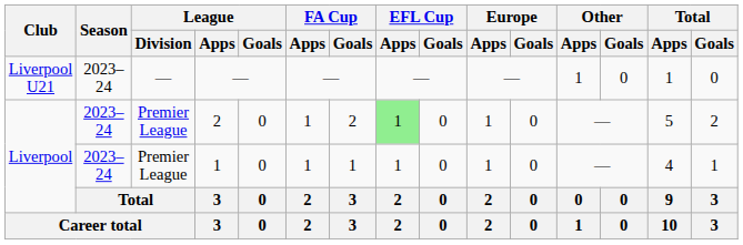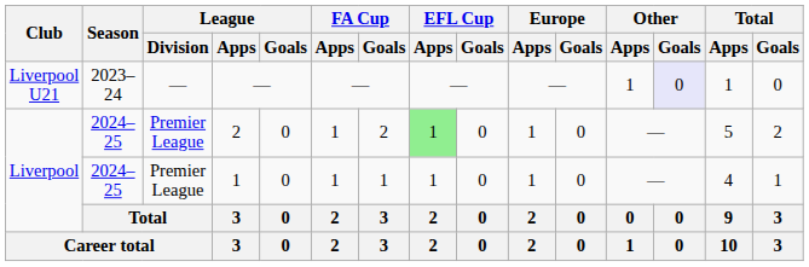 <table class="wikitable" style="text-align: center;">
 <tr>
 <th rowspan="2">Club</th>
 <th rowspan="2">Season</th>
 <th colspan="3">League</th>
 <th colspan="2"><a href='#'>FA Cup</a></th>
 <th colspan="2"><a href='#'>EFL Cup</a></th>
 <th colspan="2">Europe</th>
 <th colspan="2">Other</th>
 <th colspan="2">Total</th>
 </tr>
 <tr>
 <th>Division</th>
 <th>Apps</th>
 <th>Goals</th>
 <th>Apps</th>
 <th>Goals</th>
 <th>Apps</th>
 <th>Goals</th>
 <th>Apps</th>
 <th>Goals</th>
 <th>Apps</th>
 <th>Goals</th>
 <th>Apps</th>
 <th>Goals</th>
 </tr>
 <tr>
 <td><a href='#'>Liverpool U21</a></td>
 <td>2023–24</td>
 <td>—</td>
 <td colspan="2">—</td>
 <td colspan="2">—</td>
 <td colspan="2">—</td>
 <td colspan="2">—</td>
 <td>1</td>
-<td>0</td>
+<td style="background: lavender;">0</td>
 <td>1</td>
 <td>0</td>
 </tr>
 <tr>
 <td rowspan="3"><a href='#'>Liverpool</a></td>
-<td><a href='#'>2023–24</a></td>
+<td><a href='#'>2024–25</a></td>
 <td><a href='#'>Premier League</a></td>
 <td>2</td>
 <td>0</td>
 <td>1</td>
 <td>2</td>
 <td style="background: lightgreen;">1</td>
 <td>0</td>
 <td>1</td>
 <td>0</td>
 <td colspan="2">—</td>
 <td>5</td>
 <td>2</td>
 </tr>
 <tr>
-<td><a href='#'>2023–24</a></td>
+<td><a href='#'>2024–25</a></td>
 <td>Premier League</td>
 <td>1</td>
 <td>0</td>
 <td>1</td>
 <td>1</td>
 <td>1</td>
 <td>0</td>
 <td>1</td>
 <td>0</td>
 <td colspan="2">—</td>
 <td>4</td>
 <td>1</td>
 </tr>
 <tr>
 <th colspan="2">Total</th>
 <th>3</th>
 <th>0</th>
 <th>2</th>
 <th>3</th>
 <th>2</th>
 <th>0</th>
 <th>2</th>
 <th>0</th>
 <th>0</th>
 <th>0</th>
 <th>9</th>
 <th>3</th>
 </tr>
 <tr>
 <th colspan="3">Career total</th>
 <th>3</th>
 <th>0</th>
 <th>2</th>
 <th>3</th>
 <th>2</th>
 <th>0</th>
 <th>2</th>
 <th>0</th>
 <th>1</th>
 <th>0</th>
 <th>10</th>
 <th>3</th>
 </tr>
 </table>
